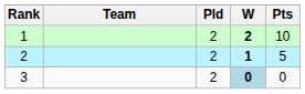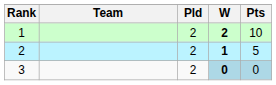 <table class="wikitable">
 <tr>
 </tr>
 <tr>
 <th style="width:35px">Rank</th>
 <th style="width:180px">Team</th>
 <th style="width:35px">Pld</th>
 <th style="width:35px">W</th>
 <th style="width:35px">Pts</th>
 </tr>
 <tr bgcolor=#ccffcc>
 <td align=center>1</td>
 <td></td>
 <td align=center>2</td>
 <td align=center><strong>2</strong></td>
 <td align=center>10</td>
 </tr>
 <tr bgcolor=#BBF3FF>
 <td align=center>2</td>
 <td></td>
 <td align=center>2</td>
 <td align=center><strong>1</strong></td>
 <td align=center>5</td>
 </tr>
 <tr>
 <td align=center>3</td>
 <td></td>
 <td align=center>2</td>
 <td align=center style="background: lightblue;"><strong>0</strong></td>
-<td align=center>0</td>
+<td align=center style="background: lightblue;">0</td>
 </tr>
 </table>
